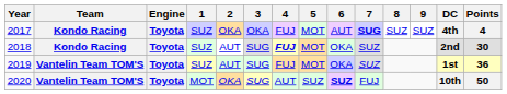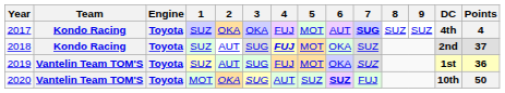 <table class="wikitable" style="text-align:center; font-size:85%">
 <tr>
 <th>Year</th>
 <th>Team</th>
 <th>Engine</th>
 <th>1</th>
 <th>2</th>
 <th>3</th>
 <th>4</th>
 <th>5</th>
 <th>6</th>
 <th>7</th>
 <th>8</th>
 <th>9</th>
 <th>DC</th>
 <th>Points</th>
 </tr>
 <tr>
 <td><a href='#'>2017</a></td>
 <th nowrap><a href='#'>Kondo Racing</a></th>
 <th><a href='#'>Toyota</a></th>
 <td style="background:#CFCFFF"><a href='#'>SUZ</a><br></td>
 <td style="background:#FFDF9F"><a href='#'>OKA</a><br></td>
 <td style="background:#CFCFFF"><a href='#'>OKA</a><br></td>
 <td style="background:#EFCFFF"><a href='#'>FUJ</a><br></td>
 <td style="background:#DFFFDF"><a href='#'>MOT</a><br></td>
 <td style="background:#EFCFFF"><a href='#'>AUT</a><br></td>
 <td style="background:#CFCFFF"><strong><a href='#'>SUG</a></strong><br></td>
 <td style="background:#FFFFFF"><a href='#'>SUZ</a><br></td>
 <td style="background:#FFFFFF"><a href='#'>SUZ</a><br></td>
 <th>4th</th>
 <th>4</th>
 </tr>
 <tr>
 <td><a href='#'>2018</a></td>
 <th nowrap><a href='#'>Kondo Racing</a></th>
 <th><a href='#'>Toyota</a></th>
 <td style="background:#DFFFDF"><a href='#'>SUZ</a><br></td>
 <td style="background:#FFFFFF"><a href='#'>AUT</a><br></td>
 <td style="background:#DFDFDF"><a href='#'>SUG</a><br></td>
 <td style="background:#FFFFBF"><strong><em><a href='#'>FUJ</a></em></strong><br></td>
 <td style="background:#FFDF9F"><a href='#'>MOT</a><br></td>
 <td style="background:#DFFFDF"><a href='#'>OKA</a><br></td>
 <td style="background:#DFDFDF"><a href='#'>SUZ</a><br></td>
 <td colspan=2></td>
 <th style="background:#DFDFDF">2nd</th>
-<th style="background:#DFDFDF">30</th>
+<th style="background:#DFDFDF">37</th>
 </tr>
 <tr>
 <td><a href='#'>2019</a></td>
 <th nowrap><a href='#'>Vantelin Team TOM'S</a></th>
 <th><a href='#'>Toyota</a></th>
 <td style="background:#FFFFBF"><a href='#'>SUZ</a><br></td>
 <td style="background:#DFFFDF"><a href='#'>AUT</a><br></td>
 <td style="background:#DFFFDF"><a href='#'>SUG</a><br></td>
 <td style="background:#FFDF9F"><a href='#'>FUJ</a><br></td>
 <td style="background:#FFDF9F"><a href='#'>MOT</a><br></td>
 <td style="background:#CFCFFF"><a href='#'>OKA</a><br></td>
 <td style="background:#DFDFDF"><em><a href='#'>SUZ</a></em><br></td>
 <td colspan=2></td>
 <th style="background:#FFFFBF">1st</th>
 <th style="background:#FFFFBF">36</th>
 </tr>
 <tr>
 <td><a href='#'>2020</a></td>
 <th nowrap><a href='#'>Vantelin Team TOM'S</a></th>
 <th><a href='#'>Toyota</a></th>
 <td style="background:#DFFFDF"><a href='#'>MOT</a><br></td>
 <td style="background:#FFDF9F"><em><a href='#'>OKA</a></em><br></td>
 <td style="background:#FFFFBF"><em><a href='#'>SUG</a></em><br></td>
 <td style="background:#DFFFDF"><a href='#'>AUT</a><br></td>
 <td style="background:#DFFFDF"><a href='#'>SUZ</a><br></td>
 <td style="background:#EFCFFF"><strong><a href='#'>SUZ</a></strong><br></td>
 <td style="background:#DFFFDF"><a href='#'>FUJ</a><br></td>
 <td colspan=2></td>
 <th>10th</th>
 <th>50</th>
 </tr>
 </table>
